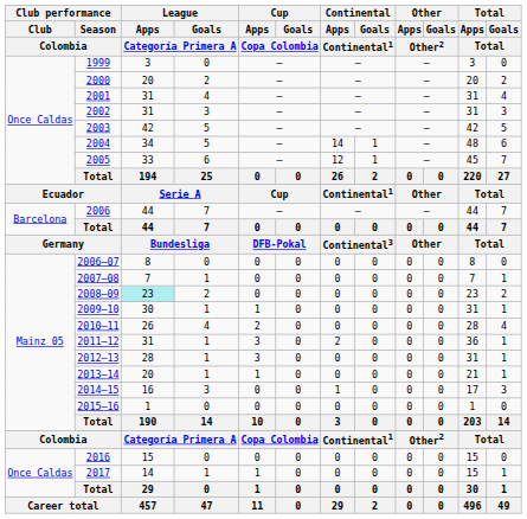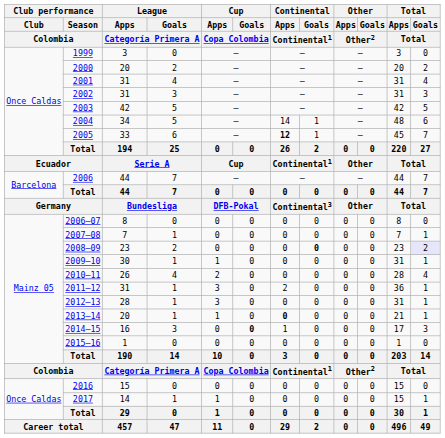 <table class="wikitable" style="text-align:center">
 <tr>
 <th colspan=2>Club performance</th>
 <th colspan=2>League</th>
 <th colspan=2>Cup</th>
 <th colspan=2>Continental</th>
 <th colspan=2>Other</th>
 <th colspan=2>Total</th>
 </tr>
 <tr>
 <th>Club</th>
 <th>Season</th>
 <th>Apps</th>
 <th>Goals</th>
 <th>Apps</th>
 <th>Goals</th>
 <th>Apps</th>
 <th>Goals</th>
 <th>Apps</th>
 <th>Goals</th>
 <th>Apps</th>
 <th>Goals</th>
 </tr>
 <tr>
 <th colspan=2>Colombia</th>
 <th colspan=2><a href='#'>Categoría Primera A</a></th>
 <th colspan=2><a href='#'>Copa Colombia</a></th>
 <th colspan=2>Continental<sup>1</sup></th>
 <th colspan=2>Other<sup>2</sup></th>
 <th colspan=2>Total</th>
 </tr>
 <tr>
 <td rowspan="8"><a href='#'>Once Caldas</a></td>
 <td><a href='#'>1999</a></td>
 <td>3</td>
 <td>0</td>
 <td colspan=2>—</td>
 <td colspan=2>—</td>
 <td colspan=2>—</td>
 <td>3</td>
 <td>0</td>
 </tr>
 <tr>
 <td><a href='#'>2000</a></td>
 <td>20</td>
 <td>2</td>
 <td colspan=2>—</td>
 <td colspan=2>—</td>
 <td colspan=2>—</td>
 <td>20</td>
 <td>2</td>
 </tr>
 <tr>
 <td><a href='#'>2001</a></td>
 <td>31</td>
 <td>4</td>
 <td colspan=2>—</td>
 <td colspan=2>—</td>
 <td colspan=2>—</td>
 <td>31</td>
 <td>4</td>
 </tr>
 <tr>
 <td><a href='#'>2002</a></td>
 <td>31</td>
 <td>3</td>
 <td colspan=2>—</td>
 <td colspan=2>—</td>
 <td colspan=2>—</td>
 <td>31</td>
 <td>3</td>
 </tr>
 <tr>
 <td><a href='#'>2003</a></td>
 <td>42</td>
 <td>5</td>
 <td colspan=2>—</td>
 <td colspan=2>—</td>
 <td colspan=2>—</td>
 <td>42</td>
 <td>5</td>
 </tr>
 <tr>
 <td><a href='#'>2004</a></td>
 <td>34</td>
 <td>5</td>
 <td colspan=2>—</td>
 <td>14</td>
 <td>1</td>
 <td colspan=2>—</td>
 <td>48</td>
 <td>6</td>
 </tr>
 <tr>
 <td><a href='#'>2005</a></td>
 <td>33</td>
 <td>6</td>
 <td colspan=2>—</td>
-<td>12</td>
+<td><strong>12</strong></td>
 <td>1</td>
 <td colspan=2>—</td>
 <td>45</td>
 <td>7</td>
 </tr>
 <tr>
 <th rowspan=1>Total</th>
 <th>194</th>
 <th>25</th>
 <th>0</th>
 <th>0</th>
 <th>26</th>
 <th>2</th>
 <th>0</th>
 <th>0</th>
 <th>220</th>
 <th>27</th>
 </tr>
 <tr>
 <th colspan=2>Ecuador</th>
 <th colspan=2><a href='#'>Serie A</a></th>
 <th colspan=2>Cup</th>
 <th colspan=2>Continental<sup>1</sup></th>
 <th colspan=2>Other</th>
 <th colspan=2>Total</th>
 </tr>
 <tr>
 <td rowspan="2"><a href='#'>Barcelona</a></td>
 <td><a href='#'>2006</a></td>
 <td>44</td>
 <td>7</td>
 <td colspan=2>—</td>
 <td colspan=2>—</td>
 <td colspan=2>—</td>
 <td>44</td>
 <td>7</td>
 </tr>
 <tr>
 <th rowspan=1>Total</th>
 <th>44</th>
 <th>7</th>
 <th>0</th>
 <th>0</th>
 <th>0</th>
 <th>0</th>
 <th>0</th>
 <th>0</th>
 <th>44</th>
 <th>7</th>
 </tr>
 <tr>
 <th colspan=2>Germany</th>
 <th colspan=2><a href='#'>Bundesliga</a></th>
 <th colspan=2><a href='#'>DFB-Pokal</a></th>
 <th colspan=2>Continental<sup>3</sup></th>
 <th colspan=2>Other</th>
 <th colspan=2>Total</th>
 </tr>
 <tr>
 <td rowspan="11"><a href='#'>Mainz 05</a></td>
 <td><a href='#'>2006–07</a></td>
 <td>8</td>
 <td>0</td>
 <td>0</td>
 <td>0</td>
 <td>0</td>
 <td>0</td>
 <td>0</td>
 <td>0</td>
 <td>8</td>
 <td>0</td>
 </tr>
 <tr>
 <td><a href='#'>2007–08</a></td>
 <td>7</td>
 <td>1</td>
 <td>0</td>
 <td>0</td>
 <td>0</td>
 <td>0</td>
 <td>0</td>
 <td>0</td>
 <td>7</td>
 <td>1</td>
 </tr>
 <tr>
 <td><a href='#'>2008–09</a></td>
-<td style="background: paleturquoise;">23</td>
+<td>23</td>
 <td>2</td>
 <td>0</td>
 <td>0</td>
 <td>0</td>
-<td>0</td>
+<td><strong>0</strong></td>
 <td>0</td>
 <td>0</td>
 <td>23</td>
-<td>2</td>
+<td style="background: lavender;">2</td>
 </tr>
 <tr>
 <td><a href='#'>2009–10</a></td>
 <td>30</td>
 <td>1</td>
 <td>1</td>
 <td>0</td>
 <td>0</td>
 <td>0</td>
 <td>0</td>
 <td>0</td>
 <td>31</td>
 <td>1</td>
 </tr>
 <tr>
 <td><a href='#'>2010–11</a></td>
 <td>26</td>
 <td>4</td>
 <td>2</td>
 <td>0</td>
 <td>0</td>
 <td>0</td>
 <td>0</td>
 <td>0</td>
 <td>28</td>
 <td>4</td>
 </tr>
 <tr>
 <td><a href='#'>2011–12</a></td>
 <td>31</td>
 <td>1</td>
 <td>3</td>
 <td>0</td>
 <td>2</td>
 <td>0</td>
 <td>0</td>
 <td>0</td>
 <td>36</td>
 <td>1</td>
 </tr>
 <tr>
 <td><a href='#'>2012–13</a></td>
 <td>28</td>
 <td>1</td>
 <td>3</td>
 <td>0</td>
 <td>0</td>
 <td>0</td>
 <td>0</td>
 <td>0</td>
 <td>31</td>
 <td>1</td>
 </tr>
 <tr>
 <td><a href='#'>2013–14</a></td>
 <td>20</td>
 <td>1</td>
 <td>1</td>
 <td>0</td>
-<td>0</td>
+<td><strong>0</strong></td>
 <td>0</td>
 <td>0</td>
 <td>0</td>
 <td>21</td>
 <td>1</td>
 </tr>
 <tr>
 <td><a href='#'>2014–15</a></td>
 <td>16</td>
 <td>3</td>
 <td>0</td>
-<td>0</td>
+<td><strong>0</strong></td>
 <td>1</td>
 <td>0</td>
 <td>0</td>
 <td>0</td>
 <td>17</td>
 <td>3</td>
 </tr>
 <tr>
 <td><a href='#'>2015–16</a></td>
 <td>1</td>
 <td>0</td>
 <td>0</td>
 <td>0</td>
 <td>0</td>
 <td>0</td>
 <td>0</td>
 <td>0</td>
 <td>1</td>
 <td>0</td>
 </tr>
 <tr>
 <th rowspan=1>Total</th>
 <th>190</th>
 <th>14</th>
 <th>10</th>
 <th>0</th>
 <th>3</th>
 <th>0</th>
 <th>0</th>
 <th>0</th>
 <th>203</th>
 <th>14</th>
 </tr>
 <tr>
 <th colspan=2>Colombia</th>
 <th colspan=2><a href='#'>Categoría Primera A</a></th>
 <th colspan=2><a href='#'>Copa Colombia</a></th>
 <th colspan=2>Continental<sup>1</sup></th>
 <th colspan=2>Other<sup>2</sup></th>
 <th colspan=2>Total</th>
 </tr>
 <tr>
 <td rowspan=3><a href='#'>Once Caldas</a></td>
 <td><a href='#'>2016</a></td>
 <td>15</td>
 <td>0</td>
 <td>0</td>
 <td>0</td>
 <td>0</td>
 <td>0</td>
 <td>0</td>
 <td>0</td>
 <td>15</td>
 <td>0</td>
 </tr>
 <tr>
 <td><a href='#'>2017</a></td>
 <td>14</td>
 <td>1</td>
 <td>1</td>
 <td>0</td>
 <td>0</td>
 <td>0</td>
 <td>0</td>
 <td>0</td>
 <td>15</td>
 <td>1</td>
 </tr>
 <tr>
 <th rowspan=1>Total</th>
 <th>29</th>
 <th>0</th>
 <th>1</th>
 <th>0</th>
 <th>0</th>
 <th>0</th>
 <th>0</th>
 <th>0</th>
 <th>30</th>
 <th>1</th>
 </tr>
 <tr>
 <th colspan=2>Career total</th>
 <th>457</th>
 <th>47</th>
 <th>11</th>
 <th>0</th>
 <th>29</th>
 <th>2</th>
 <th>0</th>
 <th>0</th>
 <th>496</th>
 <th>49</th>
 </tr>
 </table>
